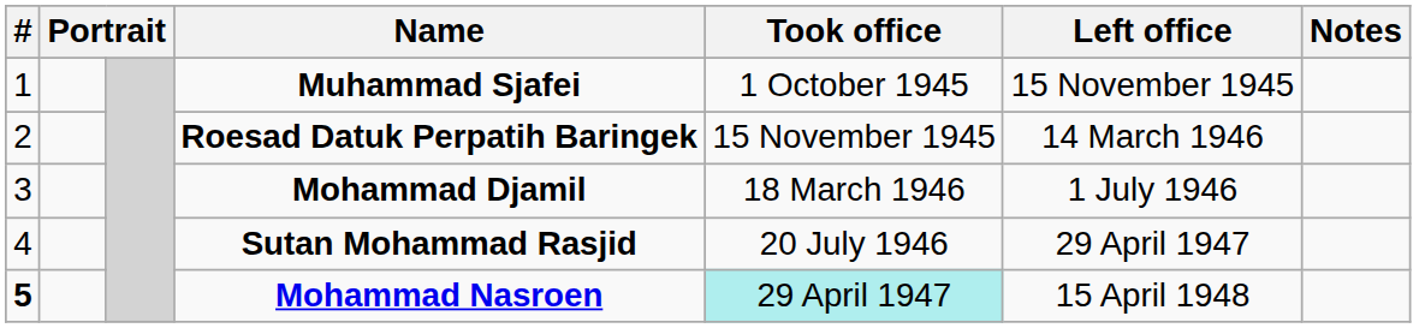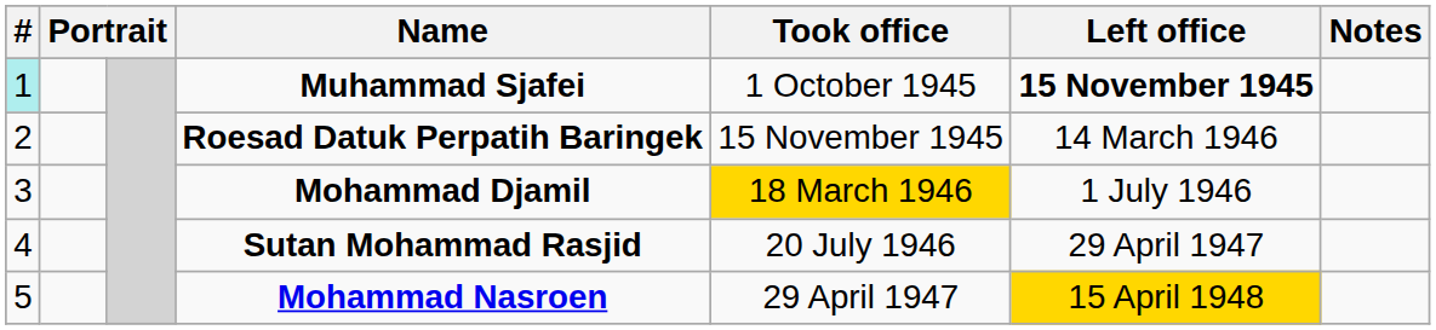 <table class="wikitable" style="text-align:center;">
 <tr>
 <th>#</th>
 <th colspan="2">Portrait</th>
 <th>Name</th>
 <th>Took office</th>
 <th>Left office</th>
 <th>Notes</th>
 </tr>
 <tr>
-<td>1</td>
+<td style="background: paleturquoise;">1</td>
 <td></td>
 <td rowspan="5" bgcolor="#d3d3d3"></td>
 <td><strong>Muhammad Sjafei</strong></td>
 <td>1 October 1945</td>
-<td>15 November 1945</td>
+<td><strong>15 November 1945</strong></td>
 <td></td>
 </tr>
 <tr>
 <td>2</td>
 <td></td>
 <td><strong>Roesad Datuk Perpatih Baringek</strong></td>
 <td>15 November 1945</td>
 <td>14 March 1946</td>
 <td></td>
 </tr>
 <tr>
 <td>3</td>
 <td></td>
 <td><strong>Mohammad Djamil</strong></td>
-<td>18 March 1946</td>
+<td style="background: gold;">18 March 1946</td>
 <td>1 July 1946</td>
 <td></td>
 </tr>
 <tr>
 <td>4</td>
 <td></td>
 <td><strong>Sutan Mohammad Rasjid</strong></td>
 <td>20 July 1946</td>
 <td>29 April 1947</td>
 <td></td>
 </tr>
 <tr>
-<td><strong>5</strong></td>
+<td>5</td>
 <td></td>
 <td><strong><a href='#'>Mohammad Nasroen</a></strong></td>
-<td style="background: paleturquoise;">29 April 1947</td>
-<td>15 April 1948</td>
+<td>29 April 1947</td>
+<td style="background: gold;">15 April 1948</td>
 <td></td>
 </tr>
 </table>
